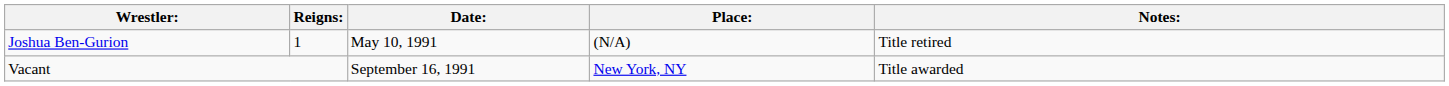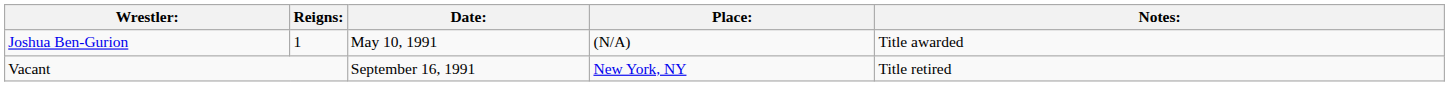 <table class="sortable wikitable" style="font-size:85%; text-align:left; width:100%;">
 <tr>
 <th width=20%>Wrestler:</th>
 <th width=3%>Reigns:</th>
 <th width=17%>Date:</th>
 <th width=20%>Place:</th>
 <th width=40%>Notes:</th>
 </tr>
 <tr>
 <td><a href='#'>Joshua Ben-Gurion</a></td>
 <td>1</td>
 <td>May 10, 1991</td>
 <td>(N/A)</td>
-<td>Title retired</td>
+<td>Title awarded</td>
 </tr>
 <tr>
 <td colspan=2>Vacant</td>
 <td>September 16, 1991</td>
 <td><a href='#'>New York, NY</a></td>
-<td>Title awarded</td>
+<td>Title retired</td>
 </tr>
 </table>
